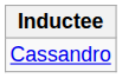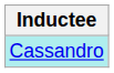 <table class="wikitable">
 <tr>
 <th>Inductee</th>
 </tr>
 <tr>
-<td><a href='#'>Cassandro</a></td>
+<td style="background: paleturquoise;"><a href='#'>Cassandro</a></td>
 </tr>
 </table>
